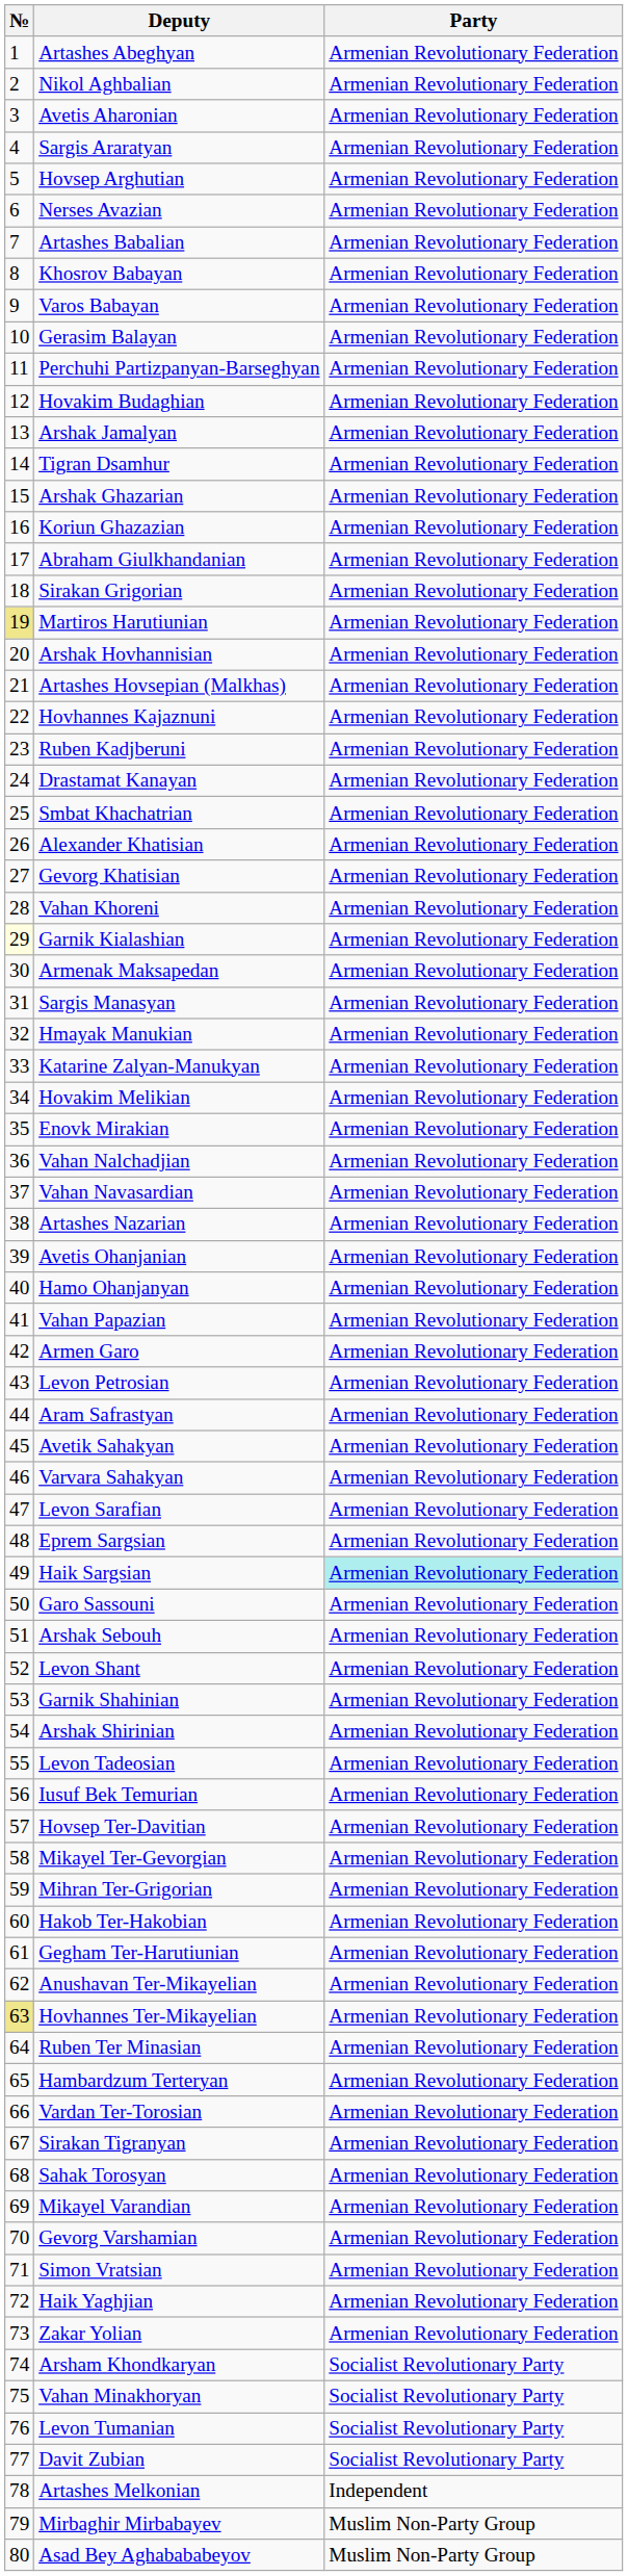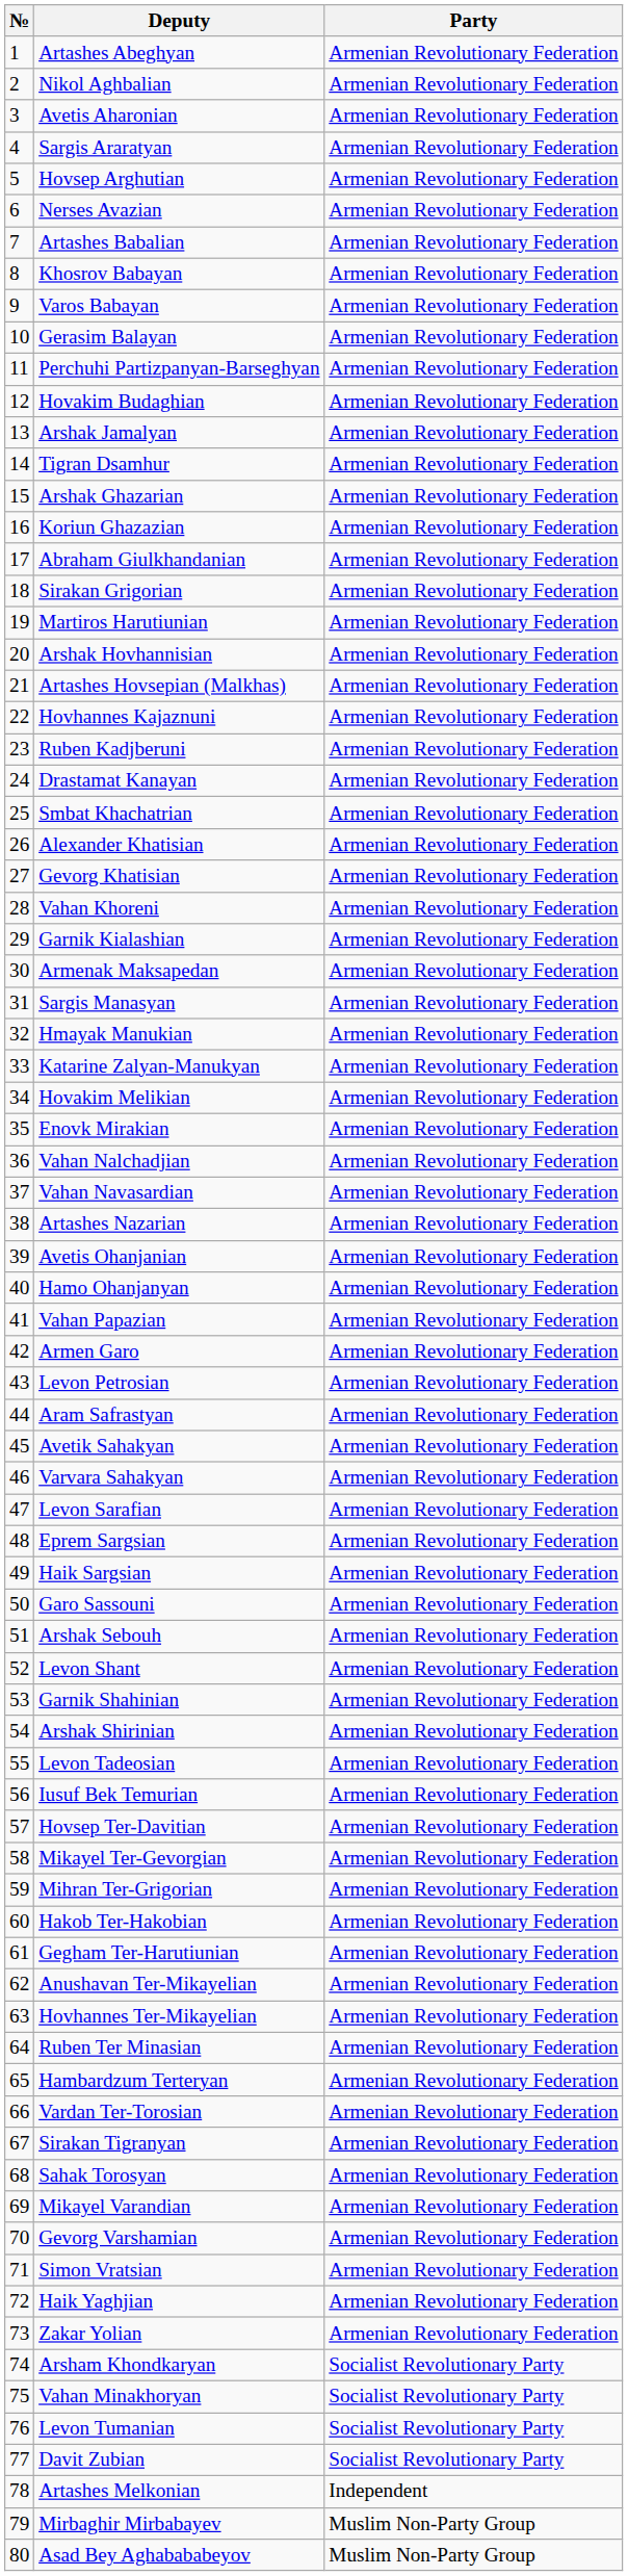 <table class="wikitable sortable">
 <tr>
 <th>№</th>
 <th>Deputy</th>
 <th>Party</th>
 </tr>
 <tr>
 <td>1</td>
 <td><a href='#'>Artashes Abeghyan</a></td>
 <td><a href='#'>Armenian Revolutionary Federation</a></td>
 </tr>
 <tr>
 <td>2</td>
 <td><a href='#'>Nikol Aghbalian</a></td>
 <td><a href='#'>Armenian Revolutionary Federation</a></td>
 </tr>
 <tr>
 <td>3</td>
 <td><a href='#'>Avetis Aharonian</a></td>
 <td><a href='#'>Armenian Revolutionary Federation</a></td>
 </tr>
 <tr>
 <td>4</td>
 <td><a href='#'>Sargis Araratyan</a></td>
 <td><a href='#'>Armenian Revolutionary Federation</a></td>
 </tr>
 <tr>
 <td>5</td>
 <td><a href='#'>Hovsep Arghutian</a></td>
 <td><a href='#'>Armenian Revolutionary Federation</a></td>
 </tr>
 <tr>
 <td>6</td>
 <td><a href='#'>Nerses Avazian</a></td>
 <td><a href='#'>Armenian Revolutionary Federation</a></td>
 </tr>
 <tr>
 <td>7</td>
 <td><a href='#'>Artashes Babalian</a></td>
 <td><a href='#'>Armenian Revolutionary Federation</a></td>
 </tr>
 <tr>
 <td>8</td>
 <td><a href='#'>Khosrov Babayan</a></td>
 <td><a href='#'>Armenian Revolutionary Federation</a></td>
 </tr>
 <tr>
 <td>9</td>
 <td><a href='#'>Varos Babayan</a></td>
 <td><a href='#'>Armenian Revolutionary Federation</a></td>
 </tr>
 <tr>
 <td>10</td>
 <td><a href='#'>Gerasim Balayan</a></td>
 <td><a href='#'>Armenian Revolutionary Federation</a></td>
 </tr>
 <tr>
 <td>11</td>
 <td><a href='#'>Perchuhi Partizpanyan-Barseghyan</a></td>
 <td><a href='#'>Armenian Revolutionary Federation</a></td>
 </tr>
 <tr>
 <td>12</td>
 <td><a href='#'>Hovakim Budaghian</a></td>
 <td><a href='#'>Armenian Revolutionary Federation</a></td>
 </tr>
 <tr>
 <td>13</td>
 <td><a href='#'>Arshak Jamalyan</a></td>
 <td><a href='#'>Armenian Revolutionary Federation</a></td>
 </tr>
 <tr>
 <td>14</td>
 <td><a href='#'>Tigran Dsamhur</a></td>
 <td><a href='#'>Armenian Revolutionary Federation</a></td>
 </tr>
 <tr>
 <td>15</td>
 <td><a href='#'>Arshak Ghazarian</a></td>
 <td><a href='#'>Armenian Revolutionary Federation</a></td>
 </tr>
 <tr>
 <td>16</td>
 <td><a href='#'>Koriun Ghazazian</a></td>
 <td><a href='#'>Armenian Revolutionary Federation</a></td>
 </tr>
 <tr>
 <td>17</td>
 <td><a href='#'>Abraham Giulkhandanian</a></td>
 <td><a href='#'>Armenian Revolutionary Federation</a></td>
 </tr>
 <tr>
 <td>18</td>
 <td><a href='#'>Sirakan Grigorian</a></td>
 <td><a href='#'>Armenian Revolutionary Federation</a></td>
 </tr>
 <tr>
-<td style="background: khaki;">19</td>
+<td>19</td>
 <td><a href='#'>Martiros Harutiunian</a></td>
 <td><a href='#'>Armenian Revolutionary Federation</a></td>
 </tr>
 <tr>
 <td>20</td>
 <td><a href='#'>Arshak Hovhannisian</a></td>
 <td><a href='#'>Armenian Revolutionary Federation</a></td>
 </tr>
 <tr>
 <td>21</td>
 <td><a href='#'>Artashes Hovsepian (Malkhas)</a></td>
 <td><a href='#'>Armenian Revolutionary Federation</a></td>
 </tr>
 <tr>
 <td>22</td>
 <td><a href='#'>Hovhannes Kajaznuni</a></td>
 <td><a href='#'>Armenian Revolutionary Federation</a></td>
 </tr>
 <tr>
 <td>23</td>
 <td><a href='#'>Ruben Kadjberuni</a></td>
 <td><a href='#'>Armenian Revolutionary Federation</a></td>
 </tr>
 <tr>
 <td>24</td>
 <td><a href='#'>Drastamat Kanayan</a></td>
 <td><a href='#'>Armenian Revolutionary Federation</a></td>
 </tr>
 <tr>
 <td>25</td>
 <td><a href='#'>Smbat Khachatrian</a></td>
 <td><a href='#'>Armenian Revolutionary Federation</a></td>
 </tr>
 <tr>
 <td>26</td>
 <td><a href='#'>Alexander Khatisian</a></td>
 <td><a href='#'>Armenian Revolutionary Federation</a></td>
 </tr>
 <tr>
 <td>27</td>
 <td><a href='#'>Gevorg Khatisian</a></td>
 <td><a href='#'>Armenian Revolutionary Federation</a></td>
 </tr>
 <tr>
 <td>28</td>
 <td><a href='#'>Vahan Khoreni</a></td>
 <td><a href='#'>Armenian Revolutionary Federation</a></td>
 </tr>
 <tr>
-<td style="background: lightyellow;">29</td>
+<td>29</td>
 <td><a href='#'>Garnik Kialashian</a></td>
 <td><a href='#'>Armenian Revolutionary Federation</a></td>
 </tr>
 <tr>
 <td>30</td>
 <td><a href='#'>Armenak Maksapedan</a></td>
 <td><a href='#'>Armenian Revolutionary Federation</a></td>
 </tr>
 <tr>
 <td>31</td>
 <td><a href='#'>Sargis Manasyan</a></td>
 <td><a href='#'>Armenian Revolutionary Federation</a></td>
 </tr>
 <tr>
 <td>32</td>
 <td><a href='#'>Hmayak Manukian</a></td>
 <td><a href='#'>Armenian Revolutionary Federation</a></td>
 </tr>
 <tr>
 <td>33</td>
 <td><a href='#'>Katarine Zalyan-Manukyan</a></td>
 <td><a href='#'>Armenian Revolutionary Federation</a></td>
 </tr>
 <tr>
 <td>34</td>
 <td><a href='#'>Hovakim Melikian</a></td>
 <td><a href='#'>Armenian Revolutionary Federation</a></td>
 </tr>
 <tr>
 <td>35</td>
 <td><a href='#'>Enovk Mirakian</a></td>
 <td><a href='#'>Armenian Revolutionary Federation</a></td>
 </tr>
 <tr>
 <td>36</td>
 <td><a href='#'>Vahan Nalchadjian</a></td>
 <td><a href='#'>Armenian Revolutionary Federation</a></td>
 </tr>
 <tr>
 <td>37</td>
 <td><a href='#'>Vahan Navasardian</a></td>
 <td><a href='#'>Armenian Revolutionary Federation</a></td>
 </tr>
 <tr>
 <td>38</td>
 <td><a href='#'>Artashes Nazarian</a></td>
 <td><a href='#'>Armenian Revolutionary Federation</a></td>
 </tr>
 <tr>
 <td>39</td>
 <td><a href='#'>Avetis Ohanjanian</a></td>
 <td><a href='#'>Armenian Revolutionary Federation</a></td>
 </tr>
 <tr>
 <td>40</td>
 <td><a href='#'>Hamo Ohanjanyan</a></td>
 <td><a href='#'>Armenian Revolutionary Federation</a></td>
 </tr>
 <tr>
 <td>41</td>
 <td><a href='#'>Vahan Papazian</a></td>
 <td><a href='#'>Armenian Revolutionary Federation</a></td>
 </tr>
 <tr>
 <td>42</td>
 <td><a href='#'>Armen Garo</a></td>
 <td><a href='#'>Armenian Revolutionary Federation</a></td>
 </tr>
 <tr>
 <td>43</td>
 <td><a href='#'>Levon Petrosian</a></td>
 <td><a href='#'>Armenian Revolutionary Federation</a></td>
 </tr>
 <tr>
 <td>44</td>
 <td><a href='#'>Aram Safrastyan</a></td>
 <td><a href='#'>Armenian Revolutionary Federation</a></td>
 </tr>
 <tr>
 <td>45</td>
 <td><a href='#'>Avetik Sahakyan</a></td>
 <td><a href='#'>Armenian Revolutionary Federation</a></td>
 </tr>
 <tr>
 <td>46</td>
 <td><a href='#'>Varvara Sahakyan</a></td>
 <td><a href='#'>Armenian Revolutionary Federation</a></td>
 </tr>
 <tr>
 <td>47</td>
 <td><a href='#'>Levon Sarafian</a></td>
 <td><a href='#'>Armenian Revolutionary Federation</a></td>
 </tr>
 <tr>
 <td>48</td>
 <td><a href='#'>Eprem Sargsian</a></td>
 <td><a href='#'>Armenian Revolutionary Federation</a></td>
 </tr>
 <tr>
 <td>49</td>
 <td><a href='#'>Haik Sargsian</a></td>
-<td style="background: paleturquoise;"><a href='#'>Armenian Revolutionary Federation</a></td>
+<td><a href='#'>Armenian Revolutionary Federation</a></td>
 </tr>
 <tr>
 <td>50</td>
 <td><a href='#'>Garo Sassouni</a></td>
 <td><a href='#'>Armenian Revolutionary Federation</a></td>
 </tr>
 <tr>
 <td>51</td>
 <td><a href='#'>Arshak Sebouh</a></td>
 <td><a href='#'>Armenian Revolutionary Federation</a></td>
 </tr>
 <tr>
 <td>52</td>
 <td><a href='#'>Levon Shant</a></td>
 <td><a href='#'>Armenian Revolutionary Federation</a></td>
 </tr>
 <tr>
 <td>53</td>
 <td><a href='#'>Garnik Shahinian</a></td>
 <td><a href='#'>Armenian Revolutionary Federation</a></td>
 </tr>
 <tr>
 <td>54</td>
 <td><a href='#'>Arshak Shirinian</a></td>
 <td><a href='#'>Armenian Revolutionary Federation</a></td>
 </tr>
 <tr>
 <td>55</td>
 <td><a href='#'>Levon Tadeosian</a></td>
 <td><a href='#'>Armenian Revolutionary Federation</a></td>
 </tr>
 <tr>
 <td>56</td>
 <td><a href='#'>Iusuf Bek Temurian</a></td>
 <td><a href='#'>Armenian Revolutionary Federation</a></td>
 </tr>
 <tr>
 <td>57</td>
 <td><a href='#'>Hovsep Ter-Davitian</a></td>
 <td><a href='#'>Armenian Revolutionary Federation</a></td>
 </tr>
 <tr>
 <td>58</td>
 <td><a href='#'>Mikayel Ter-Gevorgian</a></td>
 <td><a href='#'>Armenian Revolutionary Federation</a></td>
 </tr>
 <tr>
 <td>59</td>
 <td><a href='#'>Mihran Ter-Grigorian</a></td>
 <td><a href='#'>Armenian Revolutionary Federation</a></td>
 </tr>
 <tr>
 <td>60</td>
 <td><a href='#'>Hakob Ter-Hakobian</a></td>
 <td><a href='#'>Armenian Revolutionary Federation</a></td>
 </tr>
 <tr>
 <td>61</td>
 <td><a href='#'>Gegham Ter-Harutiunian</a></td>
 <td><a href='#'>Armenian Revolutionary Federation</a></td>
 </tr>
 <tr>
 <td>62</td>
 <td><a href='#'>Anushavan Ter-Mikayelian</a></td>
 <td><a href='#'>Armenian Revolutionary Federation</a></td>
 </tr>
 <tr>
-<td style="background: khaki;">63</td>
+<td>63</td>
 <td><a href='#'>Hovhannes Ter-Mikayelian</a></td>
 <td><a href='#'>Armenian Revolutionary Federation</a></td>
 </tr>
 <tr>
 <td>64</td>
 <td><a href='#'>Ruben Ter Minasian</a></td>
 <td><a href='#'>Armenian Revolutionary Federation</a></td>
 </tr>
 <tr>
 <td>65</td>
 <td><a href='#'>Hambardzum Terteryan</a></td>
 <td><a href='#'>Armenian Revolutionary Federation</a></td>
 </tr>
 <tr>
 <td>66</td>
 <td><a href='#'>Vardan Ter-Torosian</a></td>
 <td><a href='#'>Armenian Revolutionary Federation</a></td>
 </tr>
 <tr>
 <td>67</td>
 <td><a href='#'>Sirakan Tigranyan</a></td>
 <td><a href='#'>Armenian Revolutionary Federation</a></td>
 </tr>
 <tr>
 <td>68</td>
 <td><a href='#'>Sahak Torosyan</a></td>
 <td><a href='#'>Armenian Revolutionary Federation</a></td>
 </tr>
 <tr>
 <td>69</td>
 <td><a href='#'>Mikayel Varandian</a></td>
 <td><a href='#'>Armenian Revolutionary Federation</a></td>
 </tr>
 <tr>
 <td>70</td>
 <td><a href='#'>Gevorg Varshamian</a></td>
 <td><a href='#'>Armenian Revolutionary Federation</a></td>
 </tr>
 <tr>
 <td>71</td>
 <td><a href='#'>Simon Vratsian</a></td>
 <td><a href='#'>Armenian Revolutionary Federation</a></td>
 </tr>
 <tr>
 <td>72</td>
 <td><a href='#'>Haik Yaghjian</a></td>
 <td><a href='#'>Armenian Revolutionary Federation</a></td>
 </tr>
 <tr>
 <td>73</td>
 <td><a href='#'>Zakar Yolian</a></td>
 <td><a href='#'>Armenian Revolutionary Federation</a></td>
 </tr>
 <tr>
 <td>74</td>
 <td><a href='#'>Arsham Khondkaryan</a></td>
 <td><a href='#'>Socialist Revolutionary Party</a></td>
 </tr>
 <tr>
 <td>75</td>
 <td><a href='#'>Vahan Minakhoryan</a></td>
 <td><a href='#'>Socialist Revolutionary Party</a></td>
 </tr>
 <tr>
 <td>76</td>
 <td><a href='#'>Levon Tumanian</a></td>
 <td><a href='#'>Socialist Revolutionary Party</a></td>
 </tr>
 <tr>
 <td>77</td>
 <td><a href='#'>Davit Zubian</a></td>
 <td><a href='#'>Socialist Revolutionary Party</a></td>
 </tr>
 <tr>
 <td>78</td>
 <td><a href='#'>Artashes Melkonian</a></td>
 <td>Independent</td>
 </tr>
 <tr>
 <td>79</td>
 <td><a href='#'>Mirbaghir Mirbabayev</a></td>
 <td>Muslim Non-Party Group</td>
 </tr>
 <tr>
 <td>80</td>
 <td><a href='#'>Asad Bey Aghabababeyov</a></td>
 <td>Muslim Non-Party Group</td>
 </tr>
 </table>
